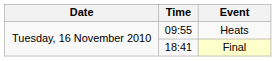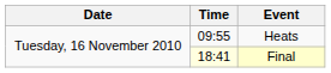 <table class = "wikitable" style="text-align:center;">
 <tr>
 <th width=220>Date</th>
 <th width=50>Time</th>
 <th width=100>Event</th>
 </tr>
 <tr>
 <td rowspan=2>Tuesday, 16 November 2010</td>
 <td>09:55</td>
 <td>Heats</td>
 </tr>
 <tr>
-<td>18:41</td>
+<td style="background: lightyellow;">18:41</td>
 <td bgcolor=ffffcc>Final</td>
 </tr>
 </table>
